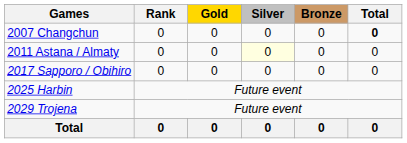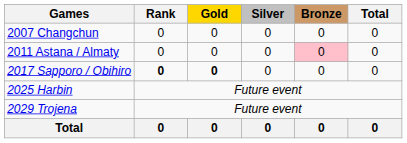 <table class="wikitable sortable" style="margin-top:0em; text-align:center; font-size:100%;">
 <tr>
 <th>Games</th>
 <th style="width:4em;">Rank</th>
 <th style="background:gold; width:4em;"><strong>Gold</strong></th>
 <th style="background:silver; width:4em;"><strong>Silver</strong></th>
 <th style="background:#cc9966; width:4em;"><strong>Bronze</strong></th>
 <th style="width:4em;">Total</th>
 </tr>
 <tr>
 <td align=left><a href='#'>2007 Changchun</a></td>
 <td>0</td>
 <td>0</td>
 <td>0</td>
 <td>0</td>
-<td><strong>0</strong></td>
+<td>0</td>
 </tr>
 <tr>
 <td align=left><a href='#'>2011 Astana / Almaty</a></td>
 <td>0</td>
 <td>0</td>
-<td style="background: lightyellow;">0</td>
 <td>0</td>
+<td style="background: pink;">0</td>
 <td>0</td>
 </tr>
 <tr>
 <td align=left><em><a href='#'>2017 Sapporo / Obihiro</a></em></td>
-<td>0</td>
-<td>0</td>
+<td><strong>0</strong></td>
+<td><strong>0</strong></td>
 <td>0</td>
 <td>0</td>
 <td>0</td>
 </tr>
 <tr>
 <td align=left><em><a href='#'>2025 Harbin</a></em></td>
 <td colspan=5><em>Future event</em></td>
 </tr>
 <tr>
 <td align=left><em><a href='#'>2029 Trojena</a></em></td>
 <td colspan=5><em>Future event</em></td>
 </tr>
 <tr>
 <th>Total</th>
 <th>0</th>
 <th>0</th>
 <th>0</th>
 <th>0</th>
 <th>0</th>
 </tr>
 </table>
